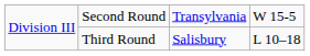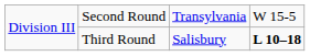 <table class="wikitable">
 <tr>
 <td rowspan="2"><a href='#'>Division III</a></td>
 <td>Second Round</td>
 <td><a href='#'>Transylvania</a></td>
 <td>W 15-5</td>
 </tr>
 <tr>
 <td>Third Round</td>
 <td><a href='#'>Salisbury</a></td>
-<td>L 10–18</td>
+<td><strong>L 10–18</strong></td>
 </tr>
 </table>
